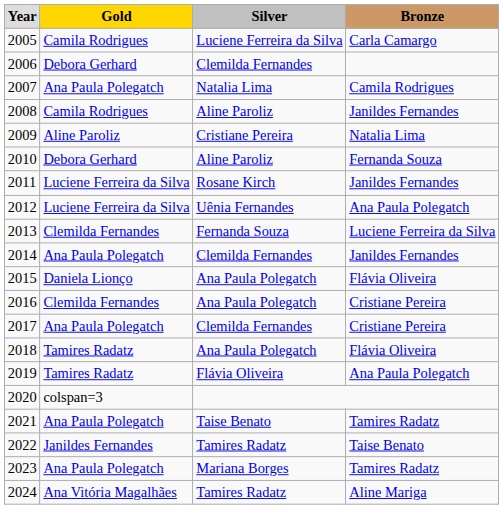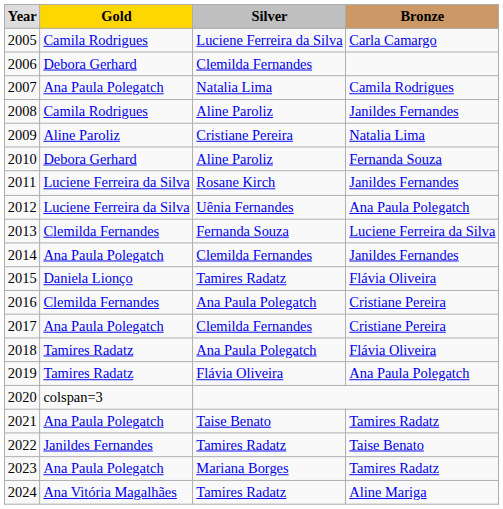 <table class="wikitable sortable alternance" style="font-size:95%">
 <tr style="text-align:center; background:#e4e4e4; font-weight:bold;">
 <td style="background:#ddd; ">Year</td>
 <td style="background:gold; ">Gold</td>
 <td style="background:silver; ">Silver</td>
 <td style="background:#c96; ">Bronze</td>
 </tr>
 <tr>
 <td>2005</td>
 <td><a href='#'>Camila Rodrigues</a></td>
 <td><a href='#'>Luciene Ferreira da Silva</a></td>
 <td><a href='#'>Carla Camargo</a></td>
 </tr>
 <tr>
 <td>2006</td>
 <td><a href='#'>Debora Gerhard</a></td>
 <td><a href='#'>Clemilda Fernandes</a></td>
 <td></td>
 </tr>
 <tr>
 <td>2007</td>
 <td><a href='#'>Ana Paula Polegatch</a></td>
 <td><a href='#'>Natalia Lima</a></td>
 <td><a href='#'>Camila Rodrigues</a></td>
 </tr>
 <tr>
 <td>2008</td>
 <td><a href='#'>Camila Rodrigues</a></td>
 <td><a href='#'>Aline Paroliz</a></td>
 <td><a href='#'>Janildes Fernandes</a></td>
 </tr>
 <tr>
 <td>2009</td>
 <td><a href='#'>Aline Paroliz</a></td>
 <td><a href='#'>Cristiane Pereira</a></td>
 <td><a href='#'>Natalia Lima</a></td>
 </tr>
 <tr>
 <td>2010</td>
 <td><a href='#'>Debora Gerhard</a></td>
 <td><a href='#'>Aline Paroliz</a></td>
 <td><a href='#'>Fernanda Souza</a></td>
 </tr>
 <tr>
 <td>2011</td>
 <td><a href='#'>Luciene Ferreira da Silva</a></td>
 <td><a href='#'>Rosane Kirch</a></td>
 <td><a href='#'>Janildes Fernandes</a></td>
 </tr>
 <tr>
 <td>2012</td>
 <td><a href='#'>Luciene Ferreira da Silva</a></td>
 <td><a href='#'>Uênia Fernandes</a></td>
 <td><a href='#'>Ana Paula Polegatch</a></td>
 </tr>
 <tr>
 <td>2013</td>
 <td><a href='#'>Clemilda Fernandes</a></td>
 <td><a href='#'>Fernanda Souza</a></td>
 <td><a href='#'>Luciene Ferreira da Silva</a></td>
 </tr>
 <tr>
 <td>2014</td>
 <td><a href='#'>Ana Paula Polegatch</a></td>
 <td><a href='#'>Clemilda Fernandes</a></td>
 <td><a href='#'>Janildes Fernandes</a></td>
 </tr>
 <tr>
 <td>2015</td>
 <td><a href='#'>Daniela Lionço</a></td>
-<td><a href='#'>Ana Paula Polegatch</a></td>
+<td><a href='#'>Tamires Radatz</a></td>
 <td><a href='#'>Flávia Oliveira</a></td>
 </tr>
 <tr>
 <td>2016</td>
 <td><a href='#'>Clemilda Fernandes</a></td>
 <td><a href='#'>Ana Paula Polegatch</a></td>
 <td><a href='#'>Cristiane Pereira</a></td>
 </tr>
 <tr>
 <td>2017</td>
 <td><a href='#'>Ana Paula Polegatch</a></td>
 <td><a href='#'>Clemilda Fernandes</a></td>
 <td><a href='#'>Cristiane Pereira</a></td>
 </tr>
 <tr>
 <td>2018</td>
 <td><a href='#'>Tamires Radatz</a></td>
 <td><a href='#'>Ana Paula Polegatch</a></td>
 <td><a href='#'>Flávia Oliveira</a></td>
 </tr>
 <tr>
 <td>2019</td>
 <td><a href='#'>Tamires Radatz</a></td>
 <td><a href='#'>Flávia Oliveira</a></td>
 <td><a href='#'>Ana Paula Polegatch</a></td>
 </tr>
 <tr>
 <td>2020</td>
 <td>colspan=3 </td>
 </tr>
 <tr>
 <td>2021</td>
 <td><a href='#'>Ana Paula Polegatch</a></td>
 <td><a href='#'>Taise Benato</a></td>
 <td><a href='#'>Tamires Radatz</a></td>
 </tr>
 <tr>
 <td>2022</td>
 <td><a href='#'>Janildes Fernandes</a></td>
 <td><a href='#'>Tamires Radatz</a></td>
 <td><a href='#'>Taise Benato</a></td>
 </tr>
 <tr>
 <td>2023</td>
 <td><a href='#'>Ana Paula Polegatch</a></td>
 <td><a href='#'>Mariana Borges</a></td>
 <td><a href='#'>Tamires Radatz</a></td>
 </tr>
 <tr>
 <td>2024</td>
 <td><a href='#'>Ana Vitória Magalhães</a></td>
 <td><a href='#'>Tamires Radatz</a></td>
 <td><a href='#'>Aline Mariga</a></td>
 </tr>
 </table>
